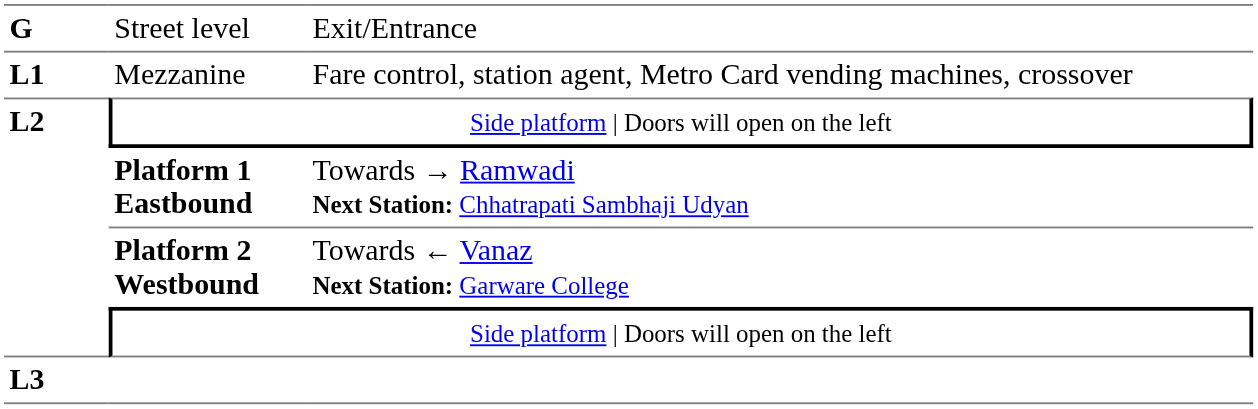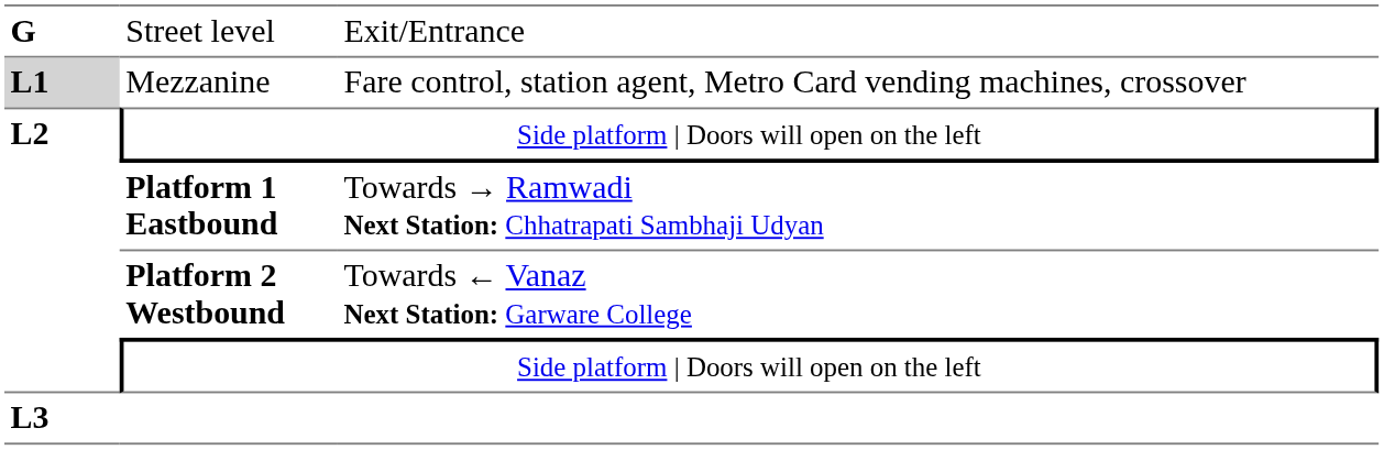 <table table border=0 cellspacing=0 cellpadding=3>
 <tr>
 <td style="border-bottom:solid 1px grey;border-top:solid 1px grey;" width=50 valign=top><strong>G</strong></td>
 <td style="border-top:solid 1px grey;border-bottom:solid 1px grey;" width=100 valign=top>Street level</td>
 <td style="border-top:solid 1px grey;border-bottom:solid 1px grey;" width=500 valign=top>Exit/Entrance</td>
 </tr>
 <tr>
-<td valign=top><strong>L1</strong></td>
+<td valign=top style="background: lightgrey;"><strong>L1</strong></td>
 <td valign=top>Mezzanine</td>
 <td valign=top>Fare control, station agent, Metro Card vending machines, crossover<br></td>
 </tr>
 <tr>
 <td style="border-top:solid 1px grey;border-bottom:solid 1px grey;" width=50 rowspan=4 valign=top><strong>L2</strong></td>
 <td style="border-top:solid 1px grey;border-right:solid 2px black;border-left:solid 2px black;border-bottom:solid 2px black;text-align:center;" colspan=2><small><a href='#'>Side platform</a> | Doors will open on the left </small></td>
 </tr>
 <tr>
 <td style="border-bottom:solid 1px grey;" width=100><span><strong>Platform 1</strong><br><strong>Eastbound</strong></span></td>
 <td style="border-bottom:solid 1px grey;" width=500>Towards → <a href='#'>Ramwadi</a><br><small><strong>Next Station:</strong> <a href='#'>Chhatrapati Sambhaji Udyan</a></small></td>
 </tr>
 <tr>
 <td><span><strong>Platform 2</strong><br><strong>Westbound</strong></span></td>
 <td>Towards ← <a href='#'>Vanaz</a><br><small><strong>Next Station:</strong> <a href='#'>Garware College</a></small></td>
 </tr>
 <tr>
 <td style="border-top:solid 2px black;border-right:solid 2px black;border-left:solid 2px black;border-bottom:solid 1px grey;" colspan=2  align=center><small><a href='#'>Side platform</a> | Doors will open on the left </small></td>
 </tr>
 <tr>
 <td style="border-bottom:solid 1px grey;" width=50 rowspan=2 valign=top><strong>L3</strong></td>
 <td style="border-bottom:solid 1px grey;" width=100></td>
 <td style="border-bottom:solid 1px grey;" width=500></td>
 </tr>
 <tr>
 </tr>
 </table>
